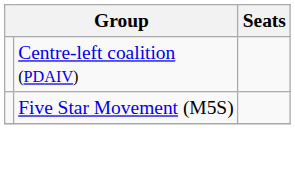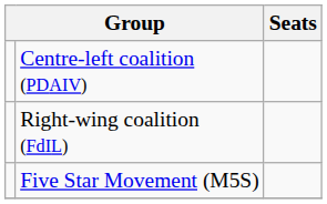 <table class="wikitable" style="font-size:95%">
 <tr>
 <th colspan="2">Group</th>
 <th>Seats</th>
 </tr>
 <tr>
 <td style="background-color:"></td>
 <td align="left"><a href='#'>Centre-left coalition</a><br><small>(<a href='#'>PD</a><a href='#'>A</a><a href='#'>IV</a>)</small></td>
 <td align="left"></td>
 </tr>
 <tr>
 <td style="background-color:"></td>
+<td align="left">Right-wing coalition<br><small>(<a href='#'>FdI</a><a href='#'>L</a>)</small></td>
+<td align="left"></td>
+</tr>
+<tr>
+<td style="background-color:"></td>
 <td align="left"><a href='#'>Five Star Movement</a> (M5S)</td>
 <td align="left"></td>
 </tr>
 <tr>
 </tr>
 </table>
